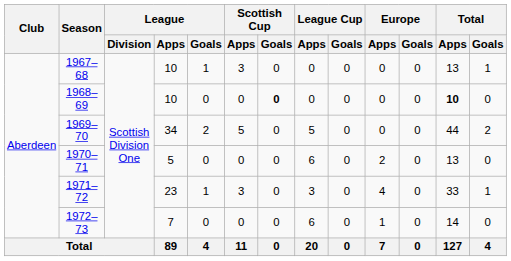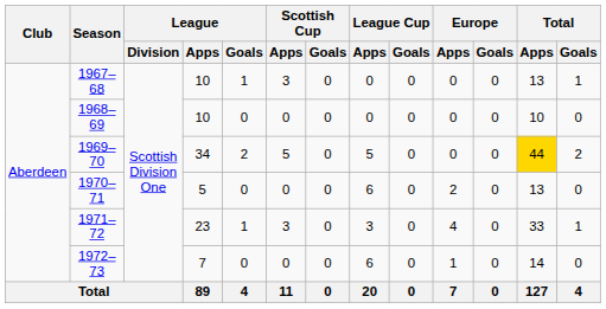 <table class="wikitable" style="text-align:center">
 <tr>
 <th rowspan="2">Club</th>
 <th rowspan="2">Season</th>
 <th colspan="3">League</th>
 <th colspan="2">Scottish Cup</th>
 <th colspan="2">League Cup</th>
 <th colspan="2">Europe</th>
 <th colspan="2">Total</th>
 </tr>
 <tr>
 <th>Division</th>
 <th>Apps</th>
 <th>Goals</th>
 <th>Apps</th>
 <th>Goals</th>
 <th>Apps</th>
 <th>Goals</th>
 <th>Apps</th>
 <th>Goals</th>
 <th>Apps</th>
 <th>Goals</th>
 </tr>
 <tr>
 <td rowspan="6"><a href='#'>Aberdeen</a></td>
 <td><a href='#'>1967–68</a></td>
 <td rowspan="6"><a href='#'>Scottish Division One</a></td>
 <td>10</td>
 <td>1</td>
 <td>3</td>
 <td>0</td>
 <td>0</td>
 <td>0</td>
 <td>0</td>
 <td>0</td>
 <td>13</td>
 <td>1</td>
 </tr>
 <tr>
 <td><a href='#'>1968–69</a></td>
 <td>10</td>
 <td>0</td>
 <td>0</td>
-<td><strong>0</strong></td>
 <td>0</td>
 <td>0</td>
 <td>0</td>
 <td>0</td>
-<td><strong>10</strong></td>
+<td>0</td>
+<td>10</td>
 <td>0</td>
 </tr>
 <tr>
 <td><a href='#'>1969–70</a></td>
 <td>34</td>
 <td>2</td>
 <td>5</td>
 <td>0</td>
 <td>5</td>
 <td>0</td>
 <td>0</td>
 <td>0</td>
-<td>44</td>
+<td style="background: gold;">44</td>
 <td>2</td>
 </tr>
 <tr>
 <td><a href='#'>1970–71</a></td>
 <td>5</td>
 <td>0</td>
 <td>0</td>
 <td>0</td>
 <td>6</td>
 <td>0</td>
 <td>2</td>
 <td>0</td>
 <td>13</td>
 <td>0</td>
 </tr>
 <tr>
 <td><a href='#'>1971–72</a></td>
 <td>23</td>
 <td>1</td>
 <td>3</td>
 <td>0</td>
 <td>3</td>
 <td>0</td>
 <td>4</td>
 <td>0</td>
 <td>33</td>
 <td>1</td>
 </tr>
 <tr>
 <td><a href='#'>1972–73</a></td>
 <td>7</td>
 <td>0</td>
 <td>0</td>
 <td>0</td>
 <td>6</td>
 <td>0</td>
 <td>1</td>
 <td>0</td>
 <td>14</td>
 <td>0</td>
 </tr>
 <tr>
 <th colspan="3">Total</th>
 <th>89</th>
 <th>4</th>
 <th>11</th>
 <th>0</th>
 <th>20</th>
 <th>0</th>
 <th>7</th>
 <th>0</th>
 <th>127</th>
 <th>4</th>
 </tr>
 </table>
